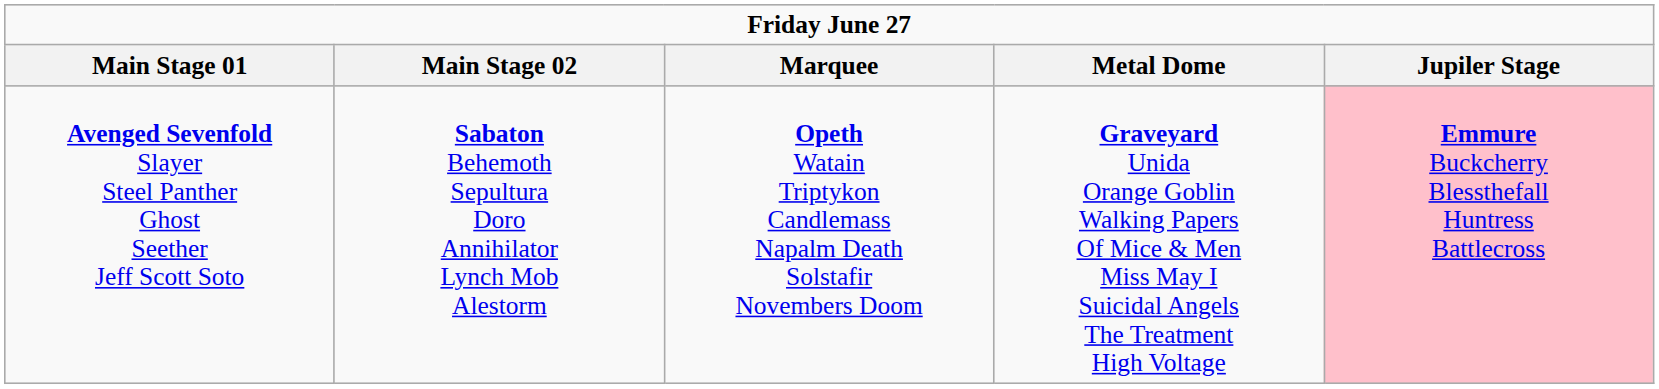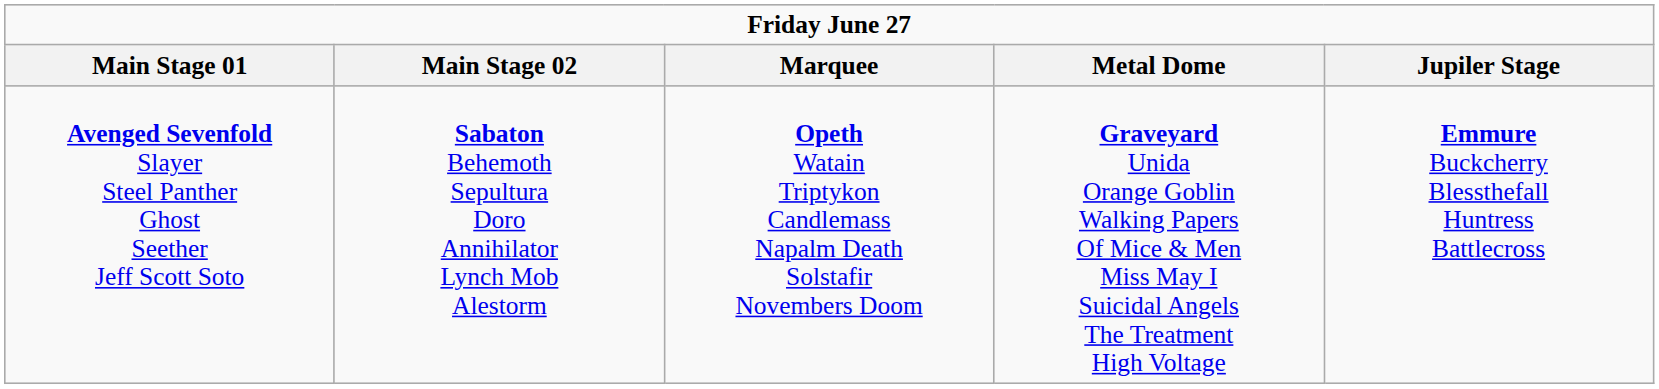 <table class="wikitable">
 <tr>
 <td colspan="5" style="text-align:center;"><strong>Friday June 27</strong></td>
 </tr>
 <tr>
 <th>Main Stage 01</th>
 <th>Main Stage 02</th>
 <th>Marquee</th>
 <th>Metal Dome</th>
 <th>Jupiler Stage</th>
 </tr>
 <tr>
 <td style="text-align:center; vertical-align:top; width:200px;"><br><strong><a href='#'>Avenged Sevenfold</a></strong> <br> <a href='#'>Slayer</a>  <br> <a href='#'>Steel Panther</a> <br> <a href='#'>Ghost</a> <br> <a href='#'>Seether</a> <br> <a href='#'>Jeff Scott Soto</a></td>
 <td style="text-align:center; vertical-align:top; width:200px;"><br><strong><a href='#'>Sabaton</a></strong> <br> <a href='#'>Behemoth</a> <br> <a href='#'>Sepultura</a> <br> <a href='#'>Doro</a>  <br> <a href='#'>Annihilator</a> <br> <a href='#'>Lynch Mob</a> <br> <a href='#'>Alestorm</a></td>
 <td style="text-align:center; vertical-align:top; width:200px;"><br><strong><a href='#'>Opeth</a></strong>  <br> <a href='#'>Watain</a> <br> <a href='#'>Triptykon</a> <br> <a href='#'>Candlemass</a>  <br> <a href='#'>Napalm Death</a> <br> <a href='#'>Solstafir</a>  <br> <a href='#'>Novembers Doom</a></td>
 <td style="text-align:center; vertical-align:top; width:200px;"><br><strong><a href='#'>Graveyard</a></strong> <br> <a href='#'>Unida</a> <br> <a href='#'>Orange Goblin</a>  <br> <a href='#'>Walking Papers</a> <br> <a href='#'>Of Mice & Men</a>  <br> <a href='#'>Miss May I</a> <br> <a href='#'>Suicidal Angels</a> <br> <a href='#'>The Treatment</a> <br> <a href='#'>High Voltage</a></td>
-<td style="background: pink; text-align:center; vertical-align:top; width:200px;"><br><strong><a href='#'>Emmure</a></strong> <br> <a href='#'>Buckcherry</a>  <br> <a href='#'>Blessthefall</a> <br> <a href='#'>Huntress</a>  <br> <a href='#'>Battlecross</a></td>
+<td style="text-align:center; vertical-align:top; width:200px;"><br><strong><a href='#'>Emmure</a></strong> <br> <a href='#'>Buckcherry</a>  <br> <a href='#'>Blessthefall</a> <br> <a href='#'>Huntress</a>  <br> <a href='#'>Battlecross</a></td>
 </tr>
 </table>
